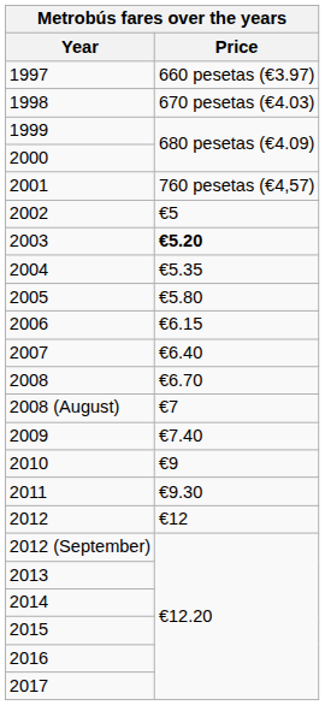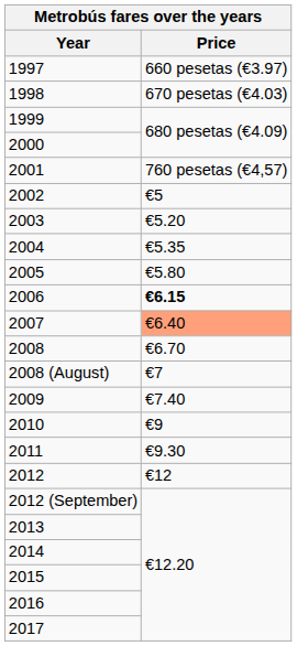 <table class="wikitable">
 <tr>
 <th colspan="2">Metrobús fares over the years</th>
 </tr>
 <tr>
 <th>Year</th>
 <th>Price</th>
 </tr>
 <tr>
 <td>1997</td>
 <td>660 pesetas (€3.97)</td>
 </tr>
 <tr>
 <td>1998</td>
 <td>670 pesetas (€4.03)</td>
 </tr>
 <tr>
 <td>1999</td>
 <td rowspan="2">680 pesetas (€4.09)</td>
 </tr>
 <tr>
 <td>2000</td>
 </tr>
 <tr>
 <td>2001</td>
 <td>760 pesetas (€4,57)</td>
 </tr>
 <tr>
 <td>2002</td>
 <td>€5</td>
 </tr>
 <tr>
 <td>2003</td>
-<td><strong>€5.20</strong></td>
+<td>€5.20</td>
 </tr>
 <tr>
 <td>2004</td>
 <td>€5.35</td>
 </tr>
 <tr>
 <td>2005</td>
 <td>€5.80</td>
 </tr>
 <tr>
 <td>2006</td>
-<td>€6.15</td>
+<td><strong>€6.15</strong></td>
 </tr>
 <tr>
 <td>2007</td>
-<td>€6.40</td>
+<td style="background: lightsalmon;">€6.40</td>
 </tr>
 <tr>
 <td>2008</td>
 <td>€6.70</td>
 </tr>
 <tr>
 <td>2008 (August)</td>
 <td>€7</td>
 </tr>
 <tr>
 <td>2009</td>
 <td>€7.40</td>
 </tr>
 <tr>
 <td>2010</td>
 <td>€9</td>
 </tr>
 <tr>
 <td>2011</td>
 <td>€9.30</td>
 </tr>
 <tr>
 <td>2012</td>
 <td>€12</td>
 </tr>
 <tr>
 <td>2012 (September)</td>
 <td rowspan="6">€12.20</td>
 </tr>
 <tr>
 <td>2013</td>
 </tr>
 <tr>
 <td>2014</td>
 </tr>
 <tr>
 <td>2015</td>
 </tr>
 <tr>
 <td>2016</td>
 </tr>
 <tr>
 <td>2017</td>
 </tr>
 </table>
